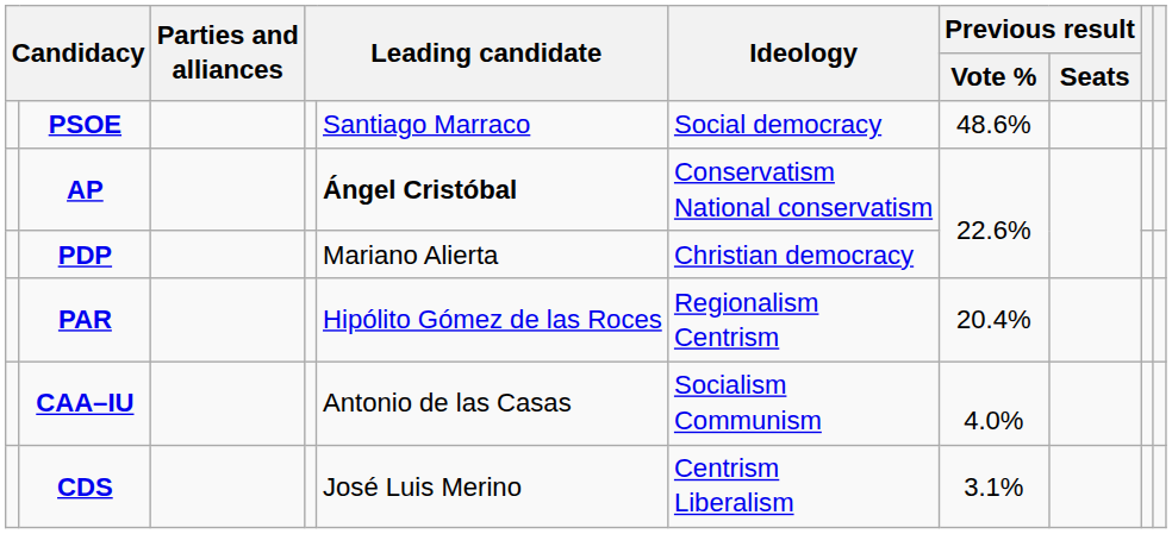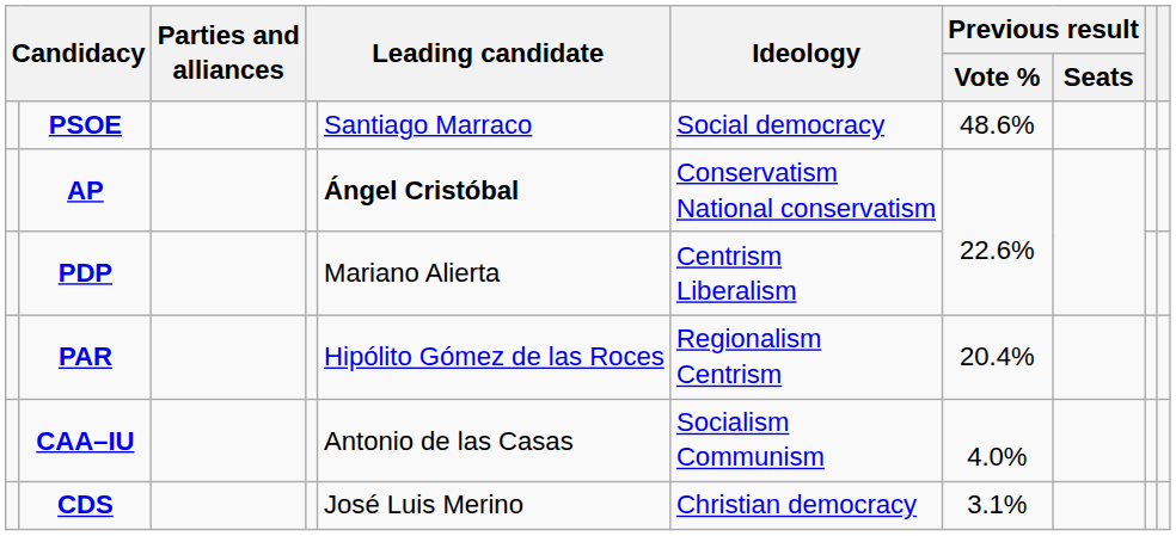 <table class="wikitable" style="line-height:1.35em; text-align:left;">
 <tr>
 <th colspan="2" rowspan="2">Candidacy</th>
 <th rowspan="2">Parties and<br>alliances</th>
 <th colspan="2" rowspan="2">Leading candidate</th>
 <th rowspan="2">Ideology</th>
 <th colspan="2">Previous result</th>
 <th rowspan="2"></th>
 <th rowspan="2"></th>
 </tr>
 <tr>
 <th>Vote %</th>
 <th>Seats</th>
 </tr>
 <tr>
 <td width="1" style="color:inherit;background:"></td>
 <td align="center"><strong><a href='#'>PSOE</a></strong></td>
 <td></td>
 <td></td>
 <td><a href='#'>Santiago Marraco</a></td>
 <td><a href='#'>Social democracy</a></td>
 <td align="center">48.6%</td>
 <td></td>
 <td></td>
 <td></td>
 </tr>
 <tr>
 <td style="color:inherit;background:"></td>
 <td align="center"><strong><a href='#'>AP</a></strong></td>
 <td></td>
 <td></td>
 <td><strong>Ángel Cristóbal</strong></td>
 <td><a href='#'>Conservatism</a><br><a href='#'>National conservatism</a></td>
 <td rowspan="2" align="center"><br>22.6%<br></td>
 <td rowspan="2"></td>
 <td></td>
 <td></td>
 </tr>
 <tr>
 <td style="color:inherit;background:"></td>
 <td align="center"><strong><a href='#'>PDP</a></strong></td>
 <td></td>
 <td></td>
 <td>Mariano Alierta</td>
-<td><a href='#'>Christian democracy</a></td>
+<td><a href='#'>Centrism</a><br><a href='#'>Liberalism</a></td>
 <td></td>
 <td></td>
 </tr>
 <tr>
 <td style="color:inherit;background:"></td>
 <td align="center"><strong><a href='#'>PAR</a></strong></td>
 <td></td>
 <td></td>
 <td><a href='#'>Hipólito Gómez de las Roces</a></td>
 <td><a href='#'>Regionalism</a><br><a href='#'>Centrism</a></td>
 <td align="center">20.4%</td>
 <td></td>
 <td></td>
 <td></td>
 </tr>
 <tr>
 <td style="color:inherit;background:"></td>
 <td align="center"><strong><a href='#'>CAA–IU</a></strong></td>
 <td></td>
 <td></td>
 <td>Antonio de las Casas</td>
 <td><a href='#'>Socialism</a><br><a href='#'>Communism</a></td>
 <td align="center"><br>4.0%<br></td>
 <td></td>
 <td></td>
 <td></td>
 </tr>
 <tr>
 <td style="color:inherit;background:"></td>
 <td align="center"><strong><a href='#'>CDS</a></strong></td>
 <td></td>
 <td></td>
 <td>José Luis Merino</td>
-<td><a href='#'>Centrism</a><br><a href='#'>Liberalism</a></td>
+<td><a href='#'>Christian democracy</a></td>
 <td align="center">3.1%</td>
 <td></td>
 <td></td>
 <td></td>
 </tr>
 </table>
